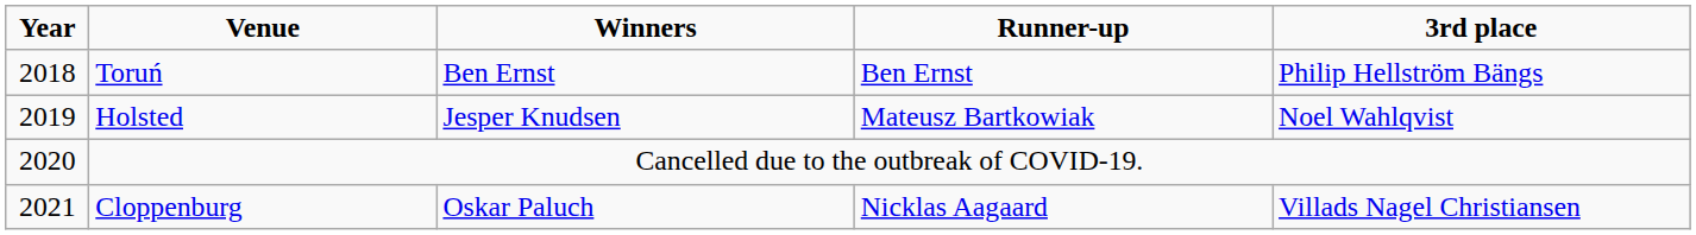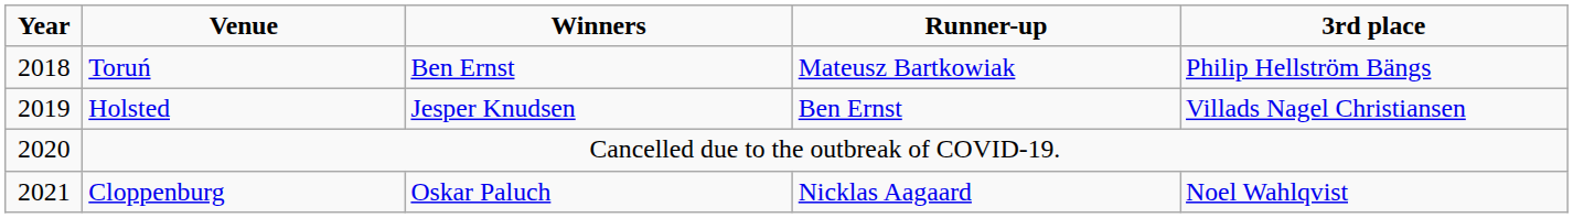 <table class="wikitable">
 <tr align=center>
 <td width=40px  ><strong>Year</strong></td>
 <td width=190px ><strong>Venue</strong></td>
 <td width=230px ><strong>Winners</strong></td>
 <td width=230px ><strong>Runner-up</strong></td>
 <td width=230px ><strong>3rd place</strong></td>
 </tr>
 <tr>
 <td align=center>2018</td>
 <td> <a href='#'>Toruń</a></td>
 <td> <a href='#'>Ben Ernst</a></td>
-<td> <a href='#'>Ben Ernst</a></td>
+<td> <a href='#'>Mateusz Bartkowiak</a></td>
 <td> <a href='#'>Philip Hellström Bängs</a></td>
 </tr>
 <tr>
 <td align=center>2019</td>
 <td> <a href='#'>Holsted</a></td>
 <td> <a href='#'>Jesper Knudsen</a></td>
-<td> <a href='#'>Mateusz Bartkowiak</a></td>
-<td> <a href='#'>Noel Wahlqvist</a></td>
+<td> <a href='#'>Ben Ernst</a></td>
+<td> <a href='#'>Villads Nagel Christiansen</a></td>
 </tr>
 <tr>
 <td align=center>2020</td>
 <td colspan=4 align=center>Cancelled due to the outbreak of COVID-19.</td>
 </tr>
 <tr>
 <td align=center>2021</td>
 <td> <a href='#'>Cloppenburg</a></td>
 <td> <a href='#'>Oskar Paluch</a></td>
 <td> <a href='#'>Nicklas Aagaard</a></td>
-<td> <a href='#'>Villads Nagel Christiansen</a></td>
+<td> <a href='#'>Noel Wahlqvist</a></td>
 </tr>
 </table>
